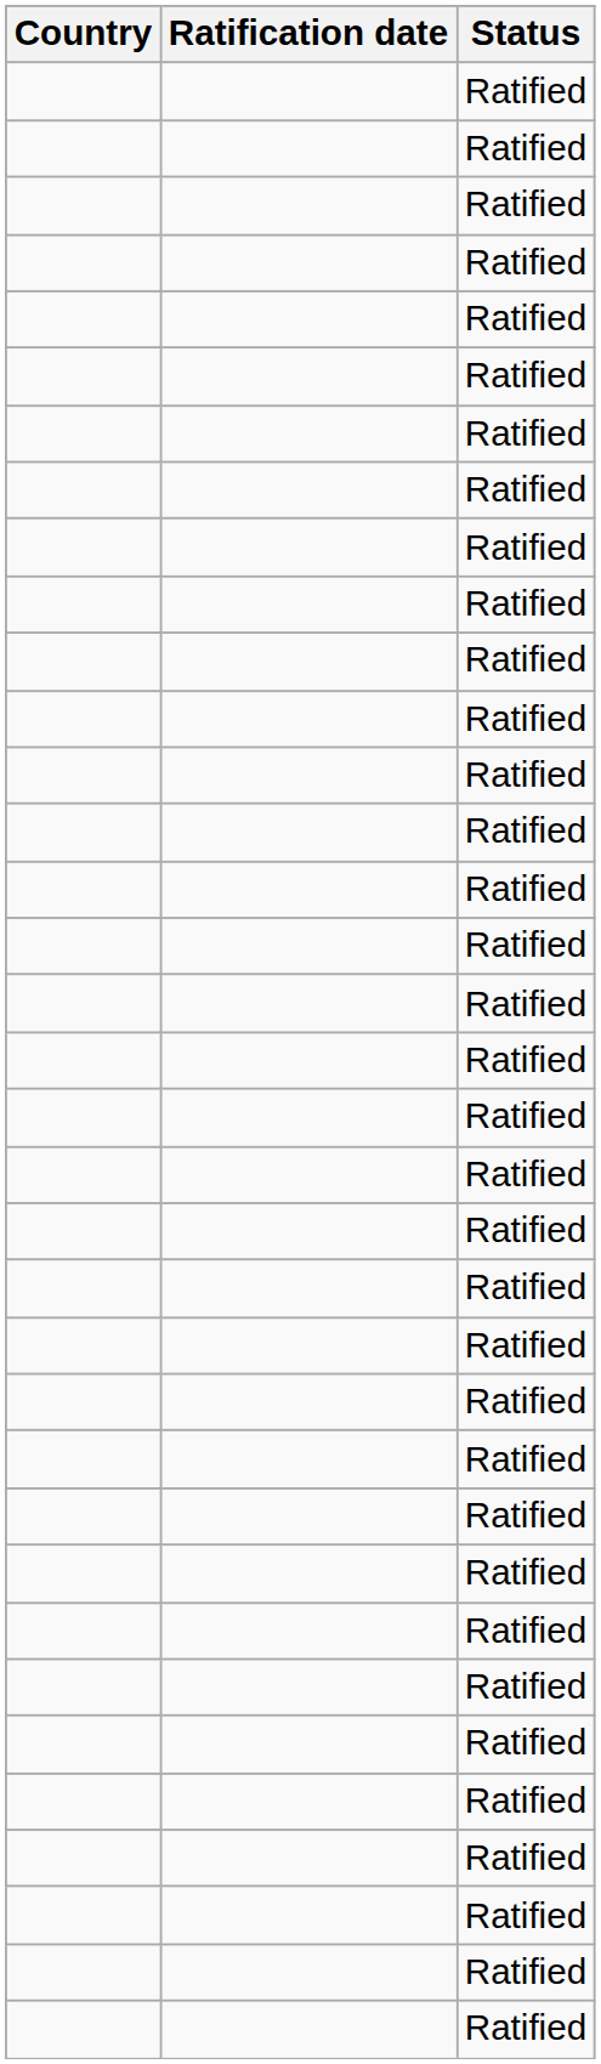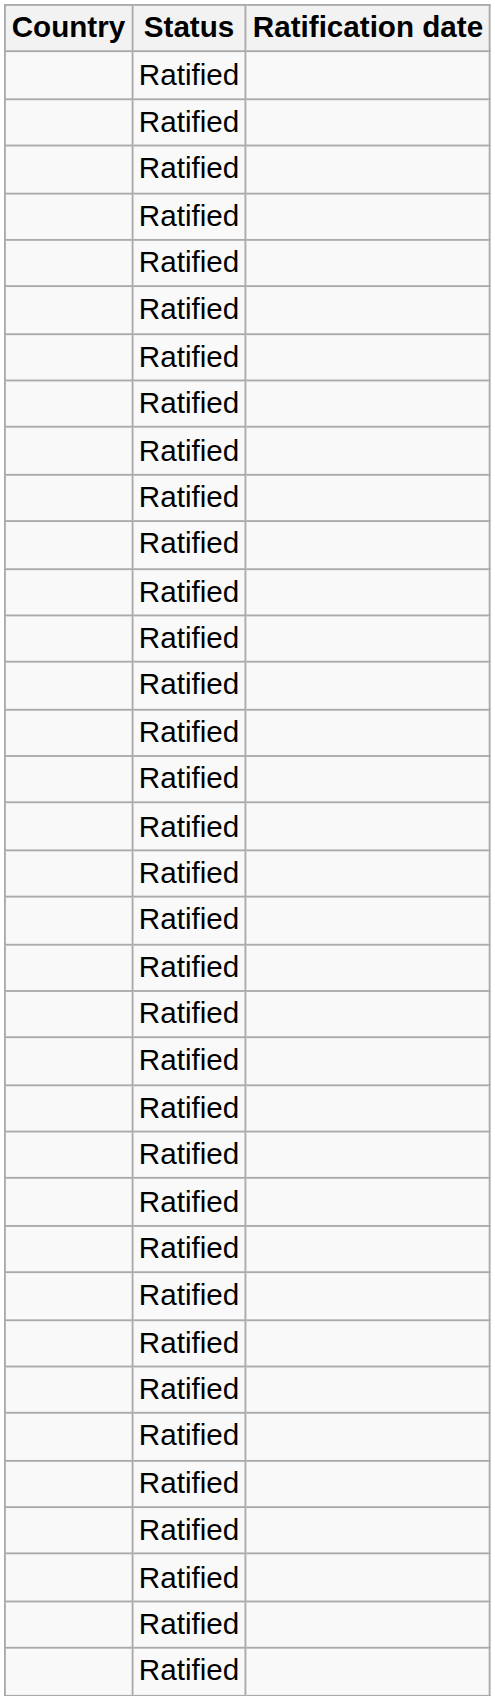 <table class="wikitable sortable" style="text-align| right">
 <tr>
 <th>Country</th>
+<th>Status</th>
 <th>Ratification date</th>
-<th>Status</th>
 </tr>
 <tr>
 <td align="left"></td>
+<td>Ratified</td>
 <td></td>
-<td>Ratified</td>
 </tr>
 <tr>
 <td align="left"></td>
+<td>Ratified</td>
 <td></td>
-<td>Ratified</td>
 </tr>
 <tr>
 <td align="left"></td>
+<td>Ratified</td>
 <td></td>
-<td>Ratified</td>
 </tr>
 <tr>
 <td align="left"></td>
+<td>Ratified</td>
 <td></td>
-<td>Ratified</td>
 </tr>
 <tr>
 <td align="left"></td>
+<td>Ratified</td>
 <td></td>
-<td>Ratified</td>
 </tr>
 <tr>
 <td align="left"></td>
+<td>Ratified</td>
 <td></td>
-<td>Ratified</td>
 </tr>
 <tr>
 <td align="left"></td>
+<td>Ratified</td>
 <td></td>
-<td>Ratified</td>
 </tr>
 <tr>
 <td align="left"></td>
+<td>Ratified</td>
 <td></td>
-<td>Ratified</td>
 </tr>
 <tr>
 <td align="left"></td>
+<td>Ratified</td>
 <td></td>
-<td>Ratified</td>
 </tr>
 <tr>
 <td align="left"></td>
+<td>Ratified</td>
 <td></td>
-<td>Ratified</td>
 </tr>
 <tr>
 <td align="left"></td>
+<td>Ratified</td>
 <td></td>
-<td>Ratified</td>
 </tr>
 <tr>
 <td align="left"></td>
+<td>Ratified</td>
 <td></td>
-<td>Ratified</td>
 </tr>
 <tr>
 <td align="left"></td>
+<td>Ratified</td>
 <td></td>
-<td>Ratified</td>
 </tr>
 <tr>
 <td align="left"></td>
+<td>Ratified</td>
 <td></td>
-<td>Ratified</td>
 </tr>
 <tr>
 <td align="left"></td>
+<td>Ratified</td>
 <td></td>
-<td>Ratified</td>
 </tr>
 <tr>
 <td align="left"></td>
+<td>Ratified</td>
 <td></td>
-<td>Ratified</td>
 </tr>
 <tr>
 <td align="left"></td>
+<td>Ratified</td>
 <td></td>
-<td>Ratified</td>
 </tr>
 <tr>
 <td align="left"></td>
+<td>Ratified</td>
 <td></td>
-<td>Ratified</td>
 </tr>
 <tr>
 <td align="left"></td>
+<td>Ratified</td>
 <td></td>
-<td>Ratified</td>
 </tr>
 <tr>
 <td align="left"></td>
+<td>Ratified</td>
 <td></td>
-<td>Ratified</td>
 </tr>
 <tr>
 <td align="left"></td>
+<td>Ratified</td>
 <td></td>
-<td>Ratified</td>
 </tr>
 <tr>
 <td align="left"></td>
+<td>Ratified</td>
 <td></td>
-<td>Ratified</td>
 </tr>
 <tr>
 <td align="left"></td>
+<td>Ratified</td>
 <td></td>
-<td>Ratified</td>
 </tr>
 <tr>
 <td align="left"></td>
+<td>Ratified</td>
 <td></td>
-<td>Ratified</td>
 </tr>
 <tr>
 <td align="left"></td>
+<td>Ratified</td>
 <td></td>
-<td>Ratified</td>
 </tr>
 <tr>
 <td align="left"></td>
+<td>Ratified</td>
 <td></td>
-<td>Ratified</td>
 </tr>
 <tr>
 <td align="left"></td>
+<td>Ratified</td>
 <td></td>
-<td>Ratified</td>
 </tr>
 <tr>
 <td align="left"></td>
+<td>Ratified</td>
 <td></td>
-<td>Ratified</td>
 </tr>
 <tr>
 <td align="left"></td>
+<td>Ratified</td>
 <td></td>
-<td>Ratified</td>
 </tr>
 <tr>
 <td align="left"></td>
+<td>Ratified</td>
 <td></td>
-<td>Ratified</td>
 </tr>
 <tr>
 <td align="left"></td>
+<td>Ratified</td>
 <td></td>
-<td>Ratified</td>
 </tr>
 <tr>
 <td align="left"></td>
+<td>Ratified</td>
 <td></td>
-<td>Ratified</td>
 </tr>
 <tr>
 <td align="left"></td>
+<td>Ratified</td>
 <td></td>
-<td>Ratified</td>
 </tr>
 <tr>
 <td align="left"></td>
+<td>Ratified</td>
 <td></td>
-<td>Ratified</td>
 </tr>
 <tr>
 <td align="left"></td>
+<td>Ratified</td>
 <td></td>
-<td>Ratified</td>
 </tr>
 </table>
